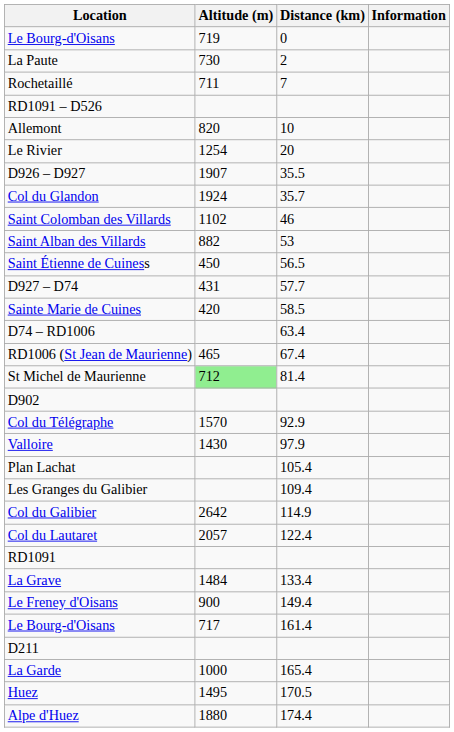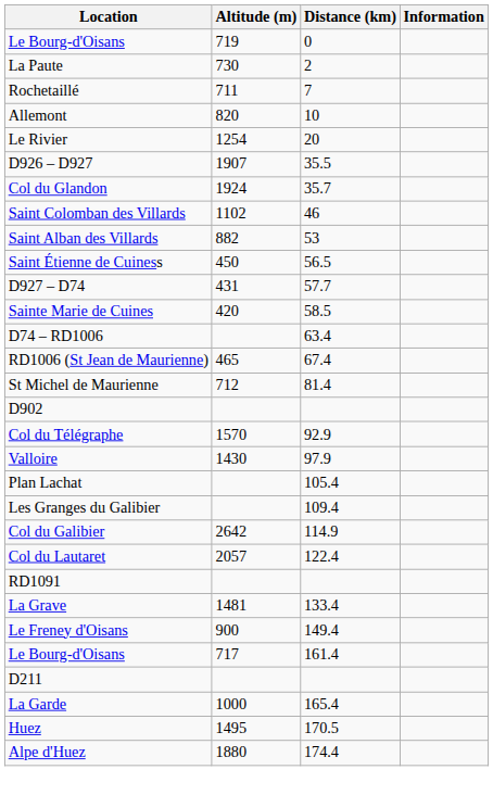 <table class="wikitable">
 <tr>
 <th>Location</th>
 <th>Altitude (m)</th>
 <th>Distance (km)</th>
 <th>Information</th>
 </tr>
 <tr>
 <td><a href='#'>Le Bourg-d'Oisans</a></td>
 <td>719</td>
 <td>0</td>
 <td></td>
 </tr>
 <tr>
 <td>La Paute</td>
 <td>730</td>
 <td>2</td>
 <td></td>
 </tr>
 <tr>
 <td>Rochetaillé</td>
 <td>711</td>
 <td>7</td>
-<td></td>
-</tr>
-<tr>
-<td>RD1091 – D526</td>
-<td></td>
-<td></td>
 <td></td>
 </tr>
 <tr>
 <td>Allemont</td>
 <td>820</td>
 <td>10</td>
 <td></td>
 </tr>
 <tr>
 <td>Le Rivier</td>
 <td>1254</td>
 <td>20</td>
 <td></td>
 </tr>
 <tr>
 <td>D926 – D927</td>
 <td>1907</td>
 <td>35.5</td>
 <td></td>
 </tr>
 <tr>
 <td><a href='#'>Col du Glandon</a></td>
 <td>1924</td>
 <td>35.7</td>
 <td><br>   </td>
 </tr>
 <tr>
 <td><a href='#'>Saint Colomban des Villards</a></td>
 <td>1102</td>
 <td>46</td>
 <td></td>
 </tr>
 <tr>
 <td><a href='#'>Saint Alban des Villards</a></td>
 <td>882</td>
 <td>53</td>
 <td></td>
 </tr>
 <tr>
 <td><a href='#'>Saint Étienne de Cuines</a>s</td>
 <td>450</td>
 <td>56.5</td>
 <td></td>
 </tr>
 <tr>
 <td>D927 – D74</td>
 <td>431</td>
 <td>57.7</td>
 <td></td>
 </tr>
 <tr>
 <td><a href='#'>Sainte Marie de Cuines</a></td>
 <td>420</td>
 <td>58.5</td>
 <td></td>
 </tr>
 <tr>
 <td>D74 – RD1006</td>
 <td></td>
 <td>63.4</td>
 <td></td>
 </tr>
 <tr>
 <td>RD1006 (<a href='#'>St Jean de Maurienne</a>)</td>
 <td>465</td>
 <td>67.4</td>
 <td></td>
 </tr>
 <tr>
 <td>St Michel de Maurienne</td>
-<td style="background: lightgreen;">712</td>
+<td>712</td>
 <td>81.4</td>
 <td></td>
 </tr>
 <tr>
 <td>D902</td>
 <td></td>
 <td></td>
 <td></td>
 </tr>
 <tr>
 <td><a href='#'>Col du Télégraphe</a></td>
 <td>1570</td>
 <td>92.9</td>
 <td></td>
 </tr>
 <tr>
 <td><a href='#'>Valloire</a></td>
 <td>1430</td>
 <td>97.9</td>
 <td><br>  </td>
 </tr>
 <tr>
 <td>Plan Lachat</td>
 <td></td>
 <td>105.4</td>
 <td></td>
 </tr>
 <tr>
 <td>Les Granges du Galibier</td>
 <td></td>
 <td>109.4</td>
 <td></td>
 </tr>
 <tr>
 <td><a href='#'>Col du Galibier</a></td>
 <td>2642</td>
 <td>114.9</td>
 <td><br>  </td>
 </tr>
 <tr>
 <td><a href='#'>Col du Lautaret</a></td>
 <td>2057</td>
 <td>122.4</td>
 <td></td>
 </tr>
 <tr>
 <td>RD1091</td>
 <td></td>
 <td></td>
 <td></td>
 </tr>
 <tr>
 <td><a href='#'>La Grave</a></td>
-<td>1484</td>
+<td>1481</td>
 <td>133.4</td>
 <td></td>
 </tr>
 <tr>
 <td><a href='#'>Le Freney d'Oisans</a></td>
 <td>900</td>
 <td>149.4</td>
 <td></td>
 </tr>
 <tr>
 <td><a href='#'>Le Bourg-d'Oisans</a></td>
 <td>717</td>
 <td>161.4</td>
 <td><br>  </td>
 </tr>
 <tr>
 <td>D211</td>
 <td></td>
 <td></td>
 <td></td>
 </tr>
 <tr>
 <td><a href='#'>La Garde</a></td>
 <td>1000</td>
 <td>165.4</td>
 <td></td>
 </tr>
 <tr>
 <td><a href='#'>Huez</a></td>
 <td>1495</td>
 <td>170.5</td>
 <td></td>
 </tr>
 <tr>
 <td><a href='#'>Alpe d'Huez</a></td>
 <td>1880</td>
 <td>174.4</td>
 <td><br>   </td>
 </tr>
 </table>
